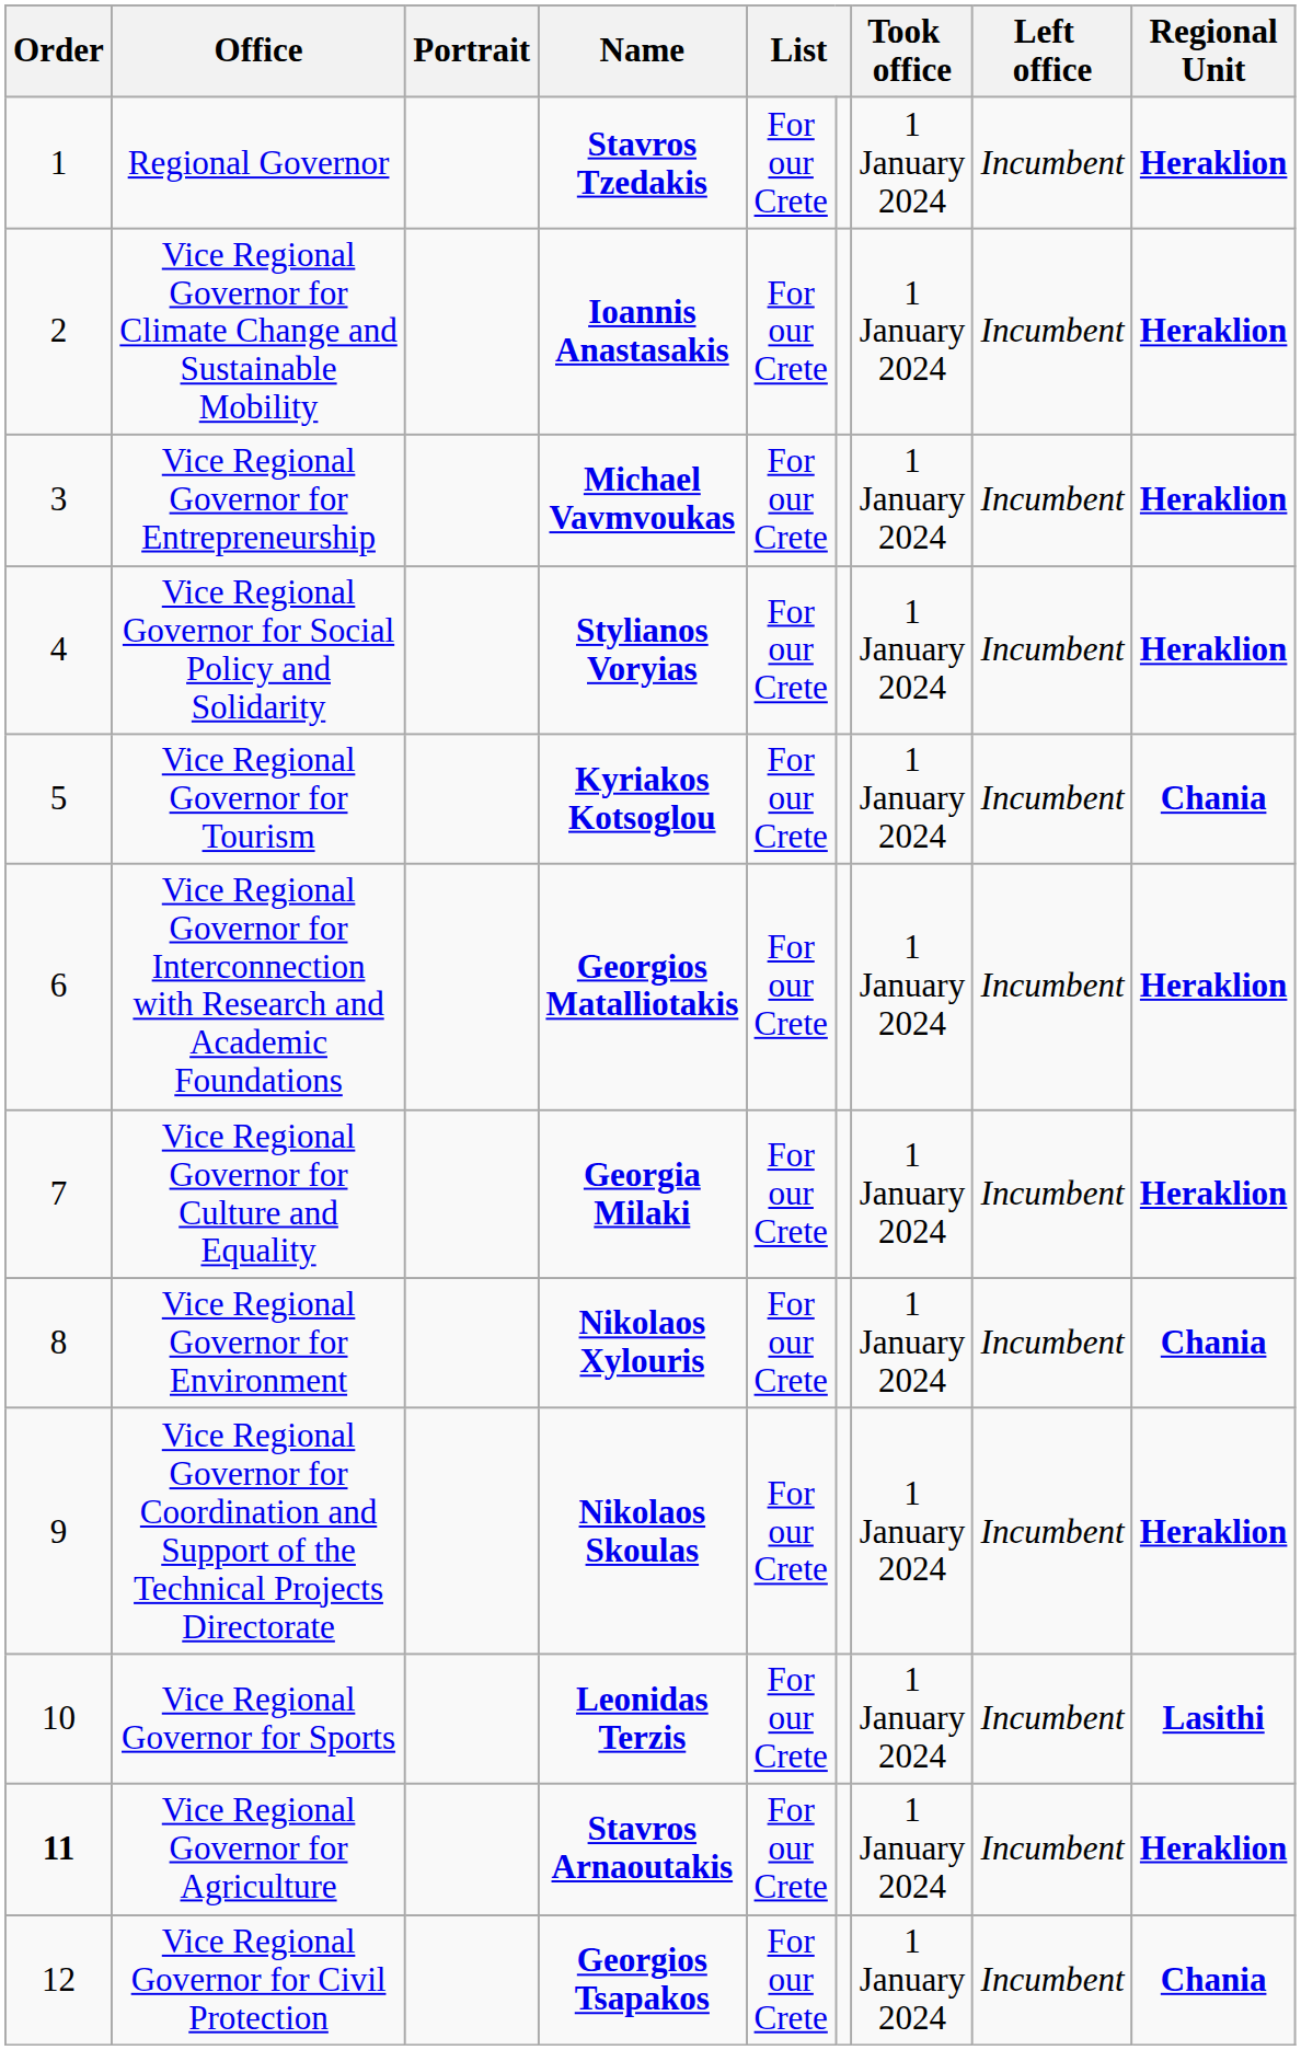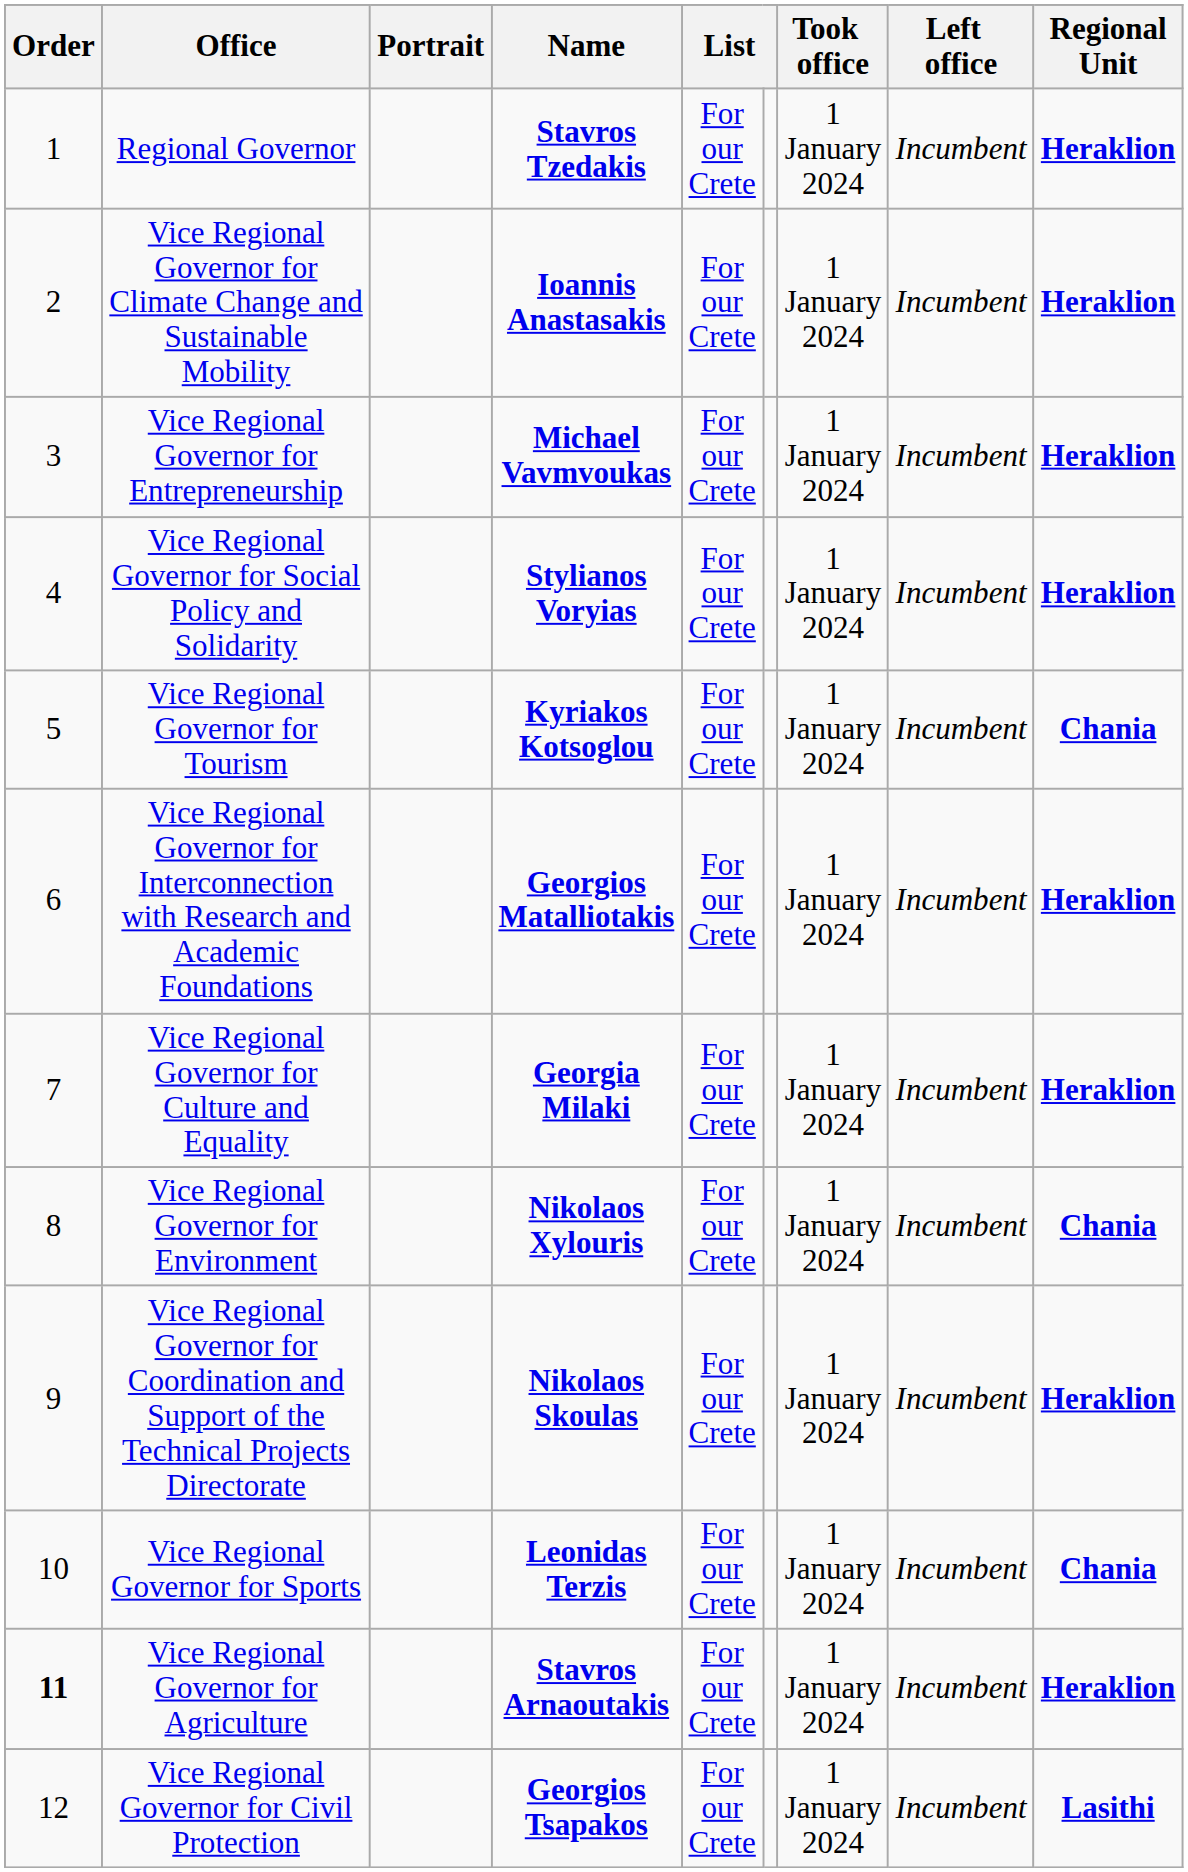 <table class="sortable wikitable" style="text-align:center">
 <tr align=center>
 <th scope=col width=40 data-sort-type="numeric">Order</th>
 <th scope=col width=250>Office</th>
 <th scope=col class="unsortable">Portrait</th>
 <th scope=col>Name</th>
 <th colspan="2" scope="col">List</th>
 <th scope=col class="unsortable">Took office</th>
 <th scope=col class="unsortable">Left office</th>
 <th scope=col>Regional Unit</th>
 </tr>
 <tr>
 <td>1</td>
 <td><a href='#'>Regional Governor</a></td>
 <td></td>
 <td><strong><a href='#'>Stavros Tzedakis</a></strong></td>
 <td><a href='#'>For our Crete</a></td>
 <td style="width:1px; background-color: "></td>
 <td>1 January 2024</td>
 <td><em>Incumbent</em></td>
 <td><strong><a href='#'>Heraklion</a></strong></td>
 </tr>
 <tr>
 <td>2</td>
 <td><a href='#'>Vice Regional Governor for Climate Change and Sustainable Mobility</a></td>
 <td></td>
 <td><strong><a href='#'>Ioannis Anastasakis</a></strong></td>
 <td><a href='#'>For our Crete</a></td>
 <td style="width:1px; background-color: "></td>
 <td>1 January 2024</td>
 <td><em>Incumbent</em></td>
 <td><strong><a href='#'>Heraklion</a></strong></td>
 </tr>
 <tr>
 <td>3</td>
 <td><a href='#'>Vice Regional Governor for Entrepreneurship</a></td>
 <td></td>
 <td><strong><a href='#'>Michael Vavmvoukas</a></strong></td>
 <td><a href='#'>For our Crete</a></td>
 <td style="width:1px; background-color: "></td>
 <td>1 January 2024</td>
 <td><em>Incumbent</em></td>
 <td><strong><a href='#'>Heraklion</a></strong></td>
 </tr>
 <tr>
 <td>4</td>
 <td><a href='#'>Vice Regional Governor for Social Policy and Solidarity</a></td>
 <td></td>
 <td><strong><a href='#'>Stylianos Voryias</a></strong></td>
 <td><a href='#'>For our Crete</a></td>
 <td style="width:1px; background-color: "></td>
 <td>1 January 2024</td>
 <td><em>Incumbent</em></td>
 <td><strong><a href='#'>Heraklion</a></strong></td>
 </tr>
 <tr>
 <td>5</td>
 <td><a href='#'>Vice Regional Governor for Tourism</a></td>
 <td></td>
 <td><strong><a href='#'>Kyriakos Kotsoglou</a></strong></td>
 <td><a href='#'>For our Crete</a></td>
 <td style="width:1px; background-color: "></td>
 <td>1 January 2024</td>
 <td><em>Incumbent</em></td>
 <td><strong><a href='#'>Chania</a></strong></td>
 </tr>
 <tr>
 <td>6</td>
 <td><a href='#'>Vice Regional Governor for Interconnection with Research and Academic Foundations</a></td>
 <td></td>
 <td><strong><a href='#'>Georgios Matalliotakis</a></strong></td>
 <td><a href='#'>For our Crete</a></td>
 <td style="width:1px; background-color: "></td>
 <td>1 January 2024</td>
 <td><em>Incumbent</em></td>
 <td><strong><a href='#'>Heraklion</a></strong></td>
 </tr>
 <tr>
 <td>7</td>
 <td><a href='#'>Vice Regional Governor for Culture and Equality</a></td>
 <td></td>
 <td><strong><a href='#'>Georgia Milaki</a></strong></td>
 <td><a href='#'>For our Crete</a></td>
 <td style="width:1px; background-color: "></td>
 <td>1 January 2024</td>
 <td><em>Incumbent</em></td>
 <td><strong><a href='#'>Heraklion</a></strong></td>
 </tr>
 <tr>
 <td>8</td>
 <td><a href='#'>Vice Regional Governor for Environment</a></td>
 <td></td>
 <td><strong><a href='#'>Nikolaos Xylouris</a></strong></td>
 <td><a href='#'>For our Crete</a></td>
 <td style="width:1px; background-color: "></td>
 <td>1 January 2024</td>
 <td><em>Incumbent</em></td>
 <td><strong><a href='#'>Chania</a></strong></td>
 </tr>
 <tr>
 <td>9</td>
 <td><a href='#'>Vice Regional Governor for Coordination and Support of the Technical Projects Directorate</a></td>
 <td></td>
 <td><strong><a href='#'>Nikolaos Skoulas</a></strong></td>
 <td><a href='#'>For our Crete</a></td>
 <td style="width:1px; background-color: "></td>
 <td>1 January 2024</td>
 <td><em>Incumbent</em></td>
 <td><strong><a href='#'>Heraklion</a></strong></td>
 </tr>
 <tr>
 <td>10</td>
 <td><a href='#'>Vice Regional Governor for Sports</a></td>
 <td></td>
 <td><strong><a href='#'>Leonidas Terzis</a></strong></td>
 <td><a href='#'>For our Crete</a></td>
 <td style="width:1px; background-color: "></td>
 <td>1 January 2024</td>
 <td><em>Incumbent</em></td>
-<td><strong><a href='#'>Lasithi</a></strong></td>
+<td><strong><a href='#'>Chania</a></strong></td>
 </tr>
 <tr>
 <td><strong>11</strong></td>
 <td><a href='#'>Vice Regional Governor for Agriculture</a></td>
 <td></td>
 <td><strong><a href='#'>Stavros Arnaoutakis</a></strong></td>
 <td><a href='#'>For our Crete</a></td>
 <td style="width:1px; background-color: "></td>
 <td>1 January 2024</td>
 <td><em>Incumbent</em></td>
 <td><strong><a href='#'>Heraklion</a></strong></td>
 </tr>
 <tr>
 <td>12</td>
 <td><a href='#'>Vice Regional Governor for Civil Protection</a></td>
 <td></td>
 <td><strong><a href='#'>Georgios Tsapakos</a></strong></td>
 <td><a href='#'>For our Crete</a></td>
 <td style="width:1px; background-color: "></td>
 <td>1 January 2024</td>
 <td><em>Incumbent</em></td>
-<td><strong><a href='#'>Chania</a></strong></td>
+<td><strong><a href='#'>Lasithi</a></strong></td>
 </tr>
 </table>
